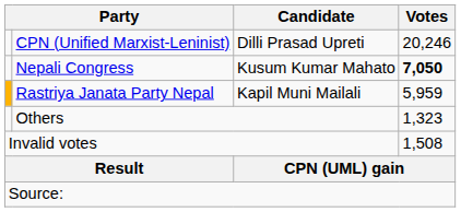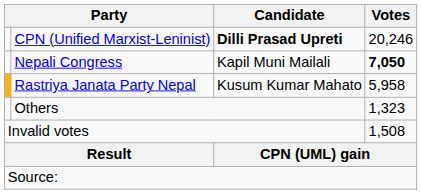 <table class="wikitable">
 <tr>
 <th colspan="2">Party</th>
 <th>Candidate</th>
 <th>Votes</th>
 </tr>
 <tr>
 <td style="background-color:"></td>
 <td><a href='#'>CPN (Unified Marxist-Leninist)</a></td>
-<td>Dilli Prasad Upreti</td>
+<td><strong>Dilli Prasad Upreti</strong></td>
 <td>20,246</td>
 </tr>
 <tr>
 <td style="background-color:"></td>
 <td><a href='#'>Nepali Congress</a></td>
-<td>Kusum Kumar Mahato</td>
+<td>Kapil Muni Mailali</td>
 <td><strong>7,050</strong></td>
 </tr>
 <tr>
 <td style="background-color:#ffb300"></td>
 <td><a href='#'>Rastriya Janata Party Nepal</a></td>
-<td>Kapil Muni Mailali</td>
-<td>5,959</td>
+<td>Kusum Kumar Mahato</td>
+<td>5,958</td>
 </tr>
 <tr>
 <td></td>
 <td colspan="2">Others</td>
 <td>1,323</td>
 </tr>
 <tr>
 <td colspan="3">Invalid votes</td>
 <td>1,508</td>
 </tr>
 <tr>
 <th colspan="2">Result</th>
 <th colspan="2">CPN (UML) gain</th>
 </tr>
 <tr>
 <td colspan="4">Source: </td>
 </tr>
 </table>
